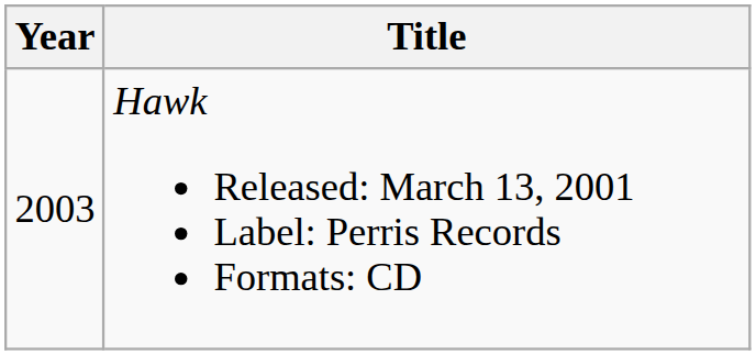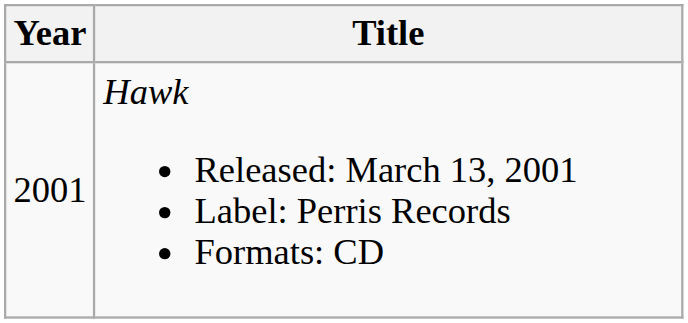 <table class="wikitable">
 <tr>
 <th>Year</th>
 <th width="250">Title</th>
 </tr>
 <tr>
-<td>2003</td>
+<td>2001</td>
 <td><em>Hawk</em><br><ul><li>Released: March 13, 2001</li><li>Label: Perris Records</li><li>Formats: CD</li></ul></td>
 </tr>
 </table>
